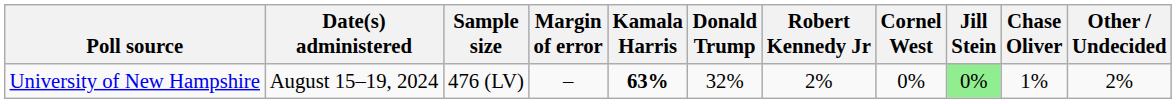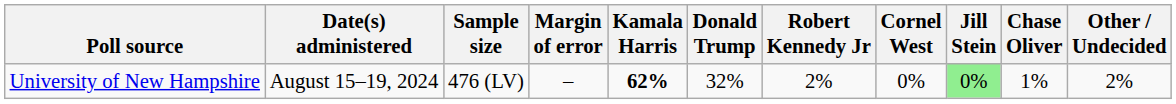 <table class="wikitable sortable mw-datatable" style="font-size:90%;text-align:center;line-height:17px">
 <tr style="vertical-align:bottom">
 <th>Poll source</th>
 <th>Date(s)<br>administered</th>
 <th>Sample<br>size</th>
 <th>Margin<br>of error</th>
 <th class="unsortable">Kamala<br>Harris<br></th>
 <th class="unsortable">Donald<br>Trump<br></th>
 <th class="unsortable">Robert<br>Kennedy Jr<br></th>
 <th class="unsortable">Cornel<br>West<br></th>
 <th class="unsortable">Jill<br>Stein<br></th>
 <th class="unsortable">Chase<br>Oliver<br></th>
 <th class="unsortable">Other /<br>Undecided</th>
 </tr>
 <tr>
 <td style="text-align:left;"><a href='#'>University of New Hampshire</a></td>
 <td data-sort-value="2024-08-19">August 15–19, 2024</td>
 <td>476 (LV)</td>
 <td>–</td>
-<td style="color:black;background-color:"><strong>63%</strong></td>
+<td style="color:black;background-color:"><strong>62%</strong></td>
 <td>32%</td>
 <td>2%</td>
 <td>0%</td>
 <td style="background: lightgreen;">0%</td>
 <td>1%</td>
 <td>2%</td>
 </tr>
 </table>
